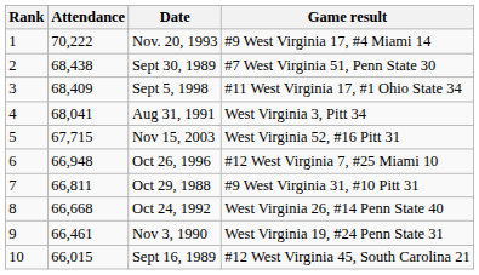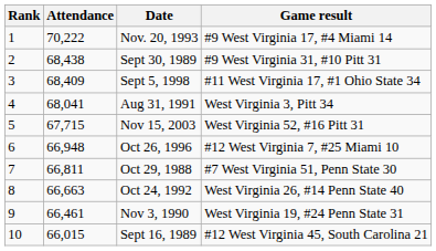 <table class="wikitable">
 <tr>
 <th>Rank</th>
 <th>Attendance</th>
 <th>Date</th>
 <th>Game result</th>
 </tr>
 <tr>
 <td>1</td>
 <td>70,222</td>
 <td>Nov. 20, 1993</td>
 <td>#9 West Virginia 17, #4 Miami 14</td>
 </tr>
 <tr>
 <td>2</td>
 <td>68,438</td>
 <td>Sept 30, 1989</td>
-<td>#7 West Virginia 51, Penn State 30</td>
+<td>#9 West Virginia 31, #10 Pitt 31</td>
 </tr>
 <tr>
 <td>3</td>
 <td>68,409</td>
 <td>Sept 5, 1998</td>
 <td>#11 West Virginia 17, #1 Ohio State 34</td>
 </tr>
 <tr>
 <td>4</td>
 <td>68,041</td>
 <td>Aug 31, 1991</td>
 <td>West Virginia 3, Pitt 34</td>
 </tr>
 <tr>
 <td>5</td>
 <td>67,715</td>
 <td>Nov 15, 2003</td>
 <td>West Virginia 52, #16 Pitt 31</td>
 </tr>
 <tr>
 <td>6</td>
 <td>66,948</td>
 <td>Oct 26, 1996</td>
 <td>#12 West Virginia 7, #25 Miami 10</td>
 </tr>
 <tr>
 <td>7</td>
 <td>66,811</td>
 <td>Oct 29, 1988</td>
-<td>#9 West Virginia 31, #10 Pitt 31</td>
+<td>#7 West Virginia 51, Penn State 30</td>
 </tr>
 <tr>
 <td>8</td>
-<td>66,668</td>
+<td>66,663</td>
 <td>Oct 24, 1992</td>
 <td>West Virginia 26, #14 Penn State 40</td>
 </tr>
 <tr>
 <td>9</td>
 <td>66,461</td>
 <td>Nov  3, 1990</td>
 <td>West Virginia 19, #24 Penn State 31</td>
 </tr>
 <tr>
 <td>10</td>
 <td>66,015</td>
 <td>Sept 16, 1989</td>
 <td>#12 West Virginia 45, South Carolina 21</td>
 </tr>
 </table>
